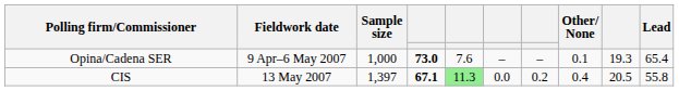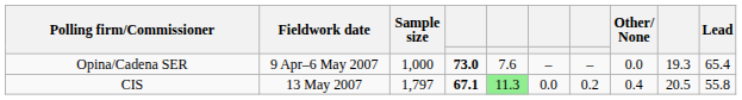 <table class="wikitable collapsible collapsed" style="text-align:center; font-size:90%; line-height:14px;">
 <tr style="height:42px;">
 <th style="width:250px;" rowspan="2">Polling firm/Commissioner</th>
 <th style="width:125px;" rowspan="2">Fieldwork date</th>
 <th style="width:50px;" rowspan="2">Sample size</th>
 <th style="width:35px;"></th>
 <th style="width:35px;"></th>
 <th style="width:35px;"></th>
 <th style="width:35px;"></th>
 <th style="width:35px;" rowspan="2">Other/<br>None</th>
 <th style="width:35px;" rowspan="2"></th>
 <th style="width:30px;" rowspan="2">Lead</th>
 </tr>
 <tr>
 <th style="color:inherit;background:"></th>
 <th style="color:inherit;background:"></th>
 <th style="color:inherit;background:"></th>
 <th style="color:inherit;background:"></th>
 </tr>
 <tr>
 <td>Opina/Cadena SER</td>
 <td>9 Apr–6 May 2007</td>
 <td>1,000</td>
 <td><strong>73.0</strong></td>
 <td>7.6</td>
 <td>–</td>
 <td>–</td>
-<td>0.1</td>
+<td>0.0</td>
 <td>19.3</td>
 <td style="background:">65.4</td>
 </tr>
 <tr>
 <td>CIS</td>
 <td>13 May 2007</td>
-<td>1,397</td>
+<td>1,797</td>
 <td><strong>67.1</strong></td>
 <td style="background: lightgreen;">11.3</td>
 <td>0.0</td>
 <td>0.2</td>
 <td>0.4</td>
 <td>20.5</td>
 <td style="background:">55.8</td>
 </tr>
 </table>
